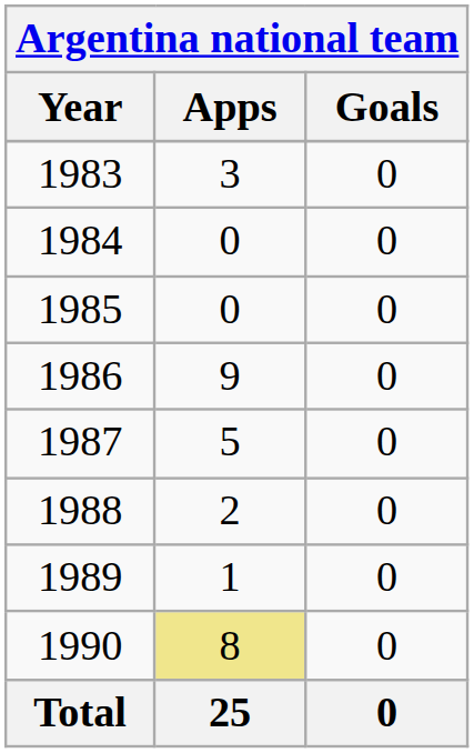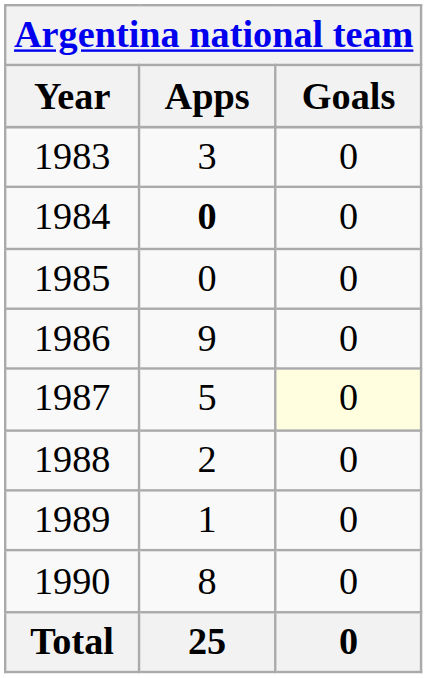 <table class="wikitable" style="text-align:center">
 <tr>
 <th colspan=3><a href='#'>Argentina national team</a></th>
 </tr>
 <tr>
 <th>Year</th>
 <th>Apps</th>
 <th>Goals</th>
 </tr>
 <tr>
 </tr>
 <tr>
 <td>1983</td>
 <td>3</td>
 <td>0</td>
 </tr>
 <tr>
 <td>1984</td>
-<td>0</td>
+<td><strong>0</strong></td>
 <td>0</td>
 </tr>
 <tr>
 <td>1985</td>
 <td>0</td>
 <td>0</td>
 </tr>
 <tr>
 <td>1986</td>
 <td>9</td>
 <td>0</td>
 </tr>
 <tr>
 <td>1987</td>
 <td>5</td>
-<td>0</td>
+<td style="background: lightyellow;">0</td>
 </tr>
 <tr>
 <td>1988</td>
 <td>2</td>
 <td>0</td>
 </tr>
 <tr>
 <td>1989</td>
 <td>1</td>
 <td>0</td>
 </tr>
 <tr>
 <td>1990</td>
-<td style="background: khaki;">8</td>
+<td>8</td>
 <td>0</td>
 </tr>
 <tr>
 <th>Total</th>
 <th>25</th>
 <th>0</th>
 </tr>
 </table>
